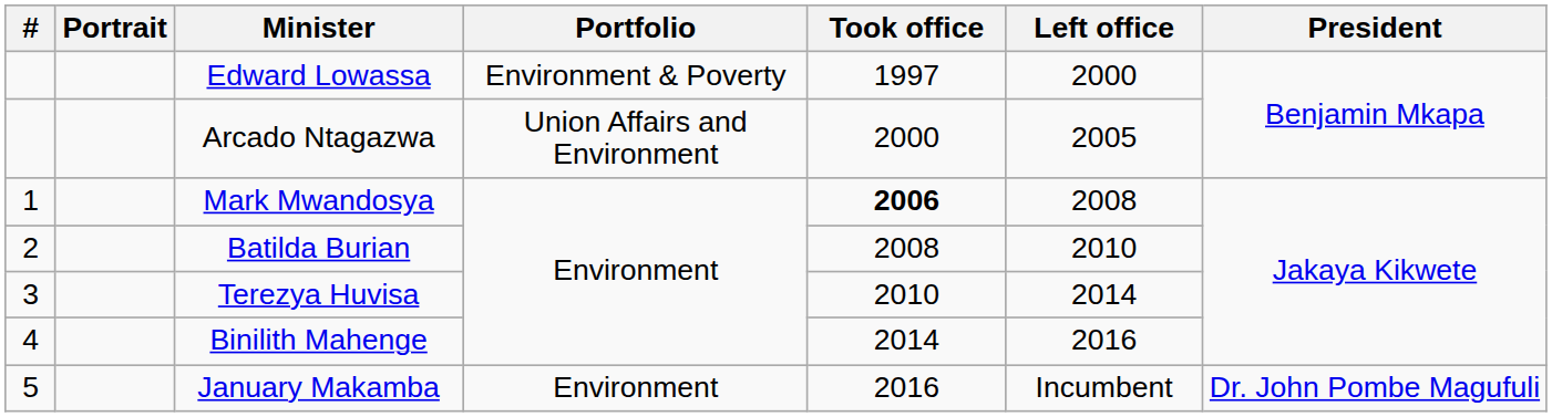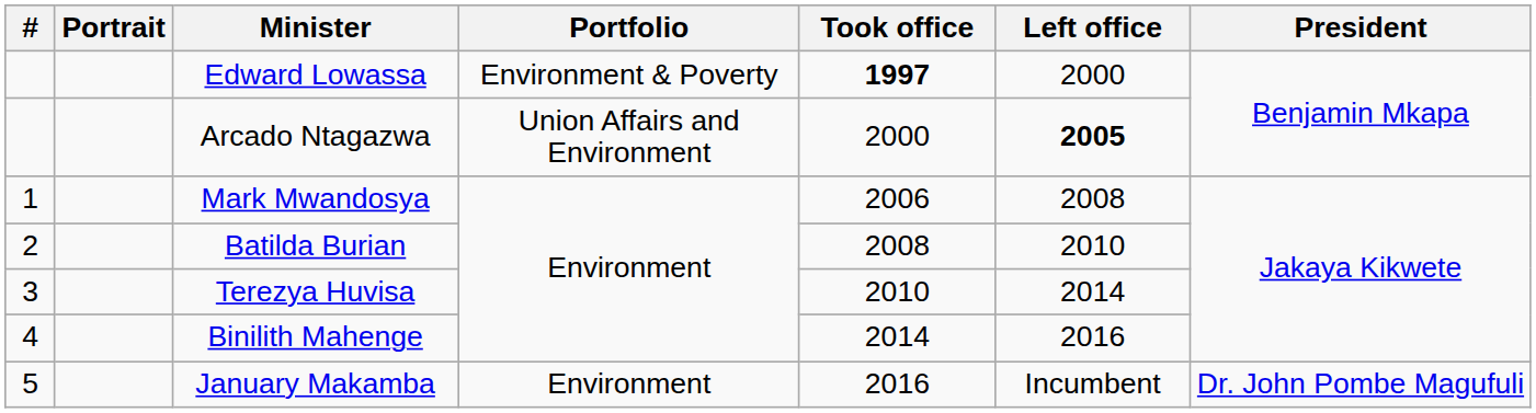 <table class="wikitable" style="text-align:center">
 <tr>
 <th width="20px">#</th>
 <th>Portrait</th>
 <th width="150px">Minister</th>
 <th width="180px">Portfolio</th>
 <th width="100px">Took office</th>
 <th width="100px">Left office</th>
 <th>President</th>
 </tr>
 <tr>
 <td style="background:"></td>
 <td></td>
 <td><a href='#'>Edward Lowassa</a></td>
 <td>Environment & Poverty</td>
-<td>1997</td>
+<td><strong>1997</strong></td>
 <td>2000</td>
 <td rowspan="2"><a href='#'>Benjamin Mkapa</a></td>
 </tr>
 <tr>
 <td style="background:"></td>
 <td></td>
 <td>Arcado Ntagazwa</td>
 <td>Union Affairs and Environment</td>
 <td>2000</td>
-<td>2005</td>
+<td><strong>2005</strong></td>
 </tr>
 <tr>
 <td style="background:">1</td>
 <td></td>
 <td><a href='#'>Mark Mwandosya</a></td>
 <td rowspan="4">Environment</td>
-<td><strong>2006</strong></td>
+<td>2006</td>
 <td>2008</td>
 <td rowspan="4"><a href='#'>Jakaya Kikwete</a></td>
 </tr>
 <tr>
 <td style="background:">2</td>
 <td></td>
 <td><a href='#'>Batilda Burian</a></td>
 <td>2008</td>
 <td>2010</td>
 </tr>
 <tr>
 <td style="background:">3</td>
 <td></td>
 <td><a href='#'>Terezya Huvisa</a></td>
 <td>2010</td>
 <td>2014</td>
 </tr>
 <tr>
 <td style="background:">4</td>
 <td></td>
 <td><a href='#'>Binilith Mahenge</a></td>
 <td>2014</td>
 <td>2016</td>
 </tr>
 <tr>
 <td style="background:">5</td>
 <td></td>
 <td><a href='#'>January Makamba</a></td>
 <td rowspan="4">Environment</td>
 <td>2016</td>
 <td>Incumbent</td>
 <td rowspan="4"><a href='#'>Dr. John Pombe Magufuli</a></td>
 </tr>
 </table>
